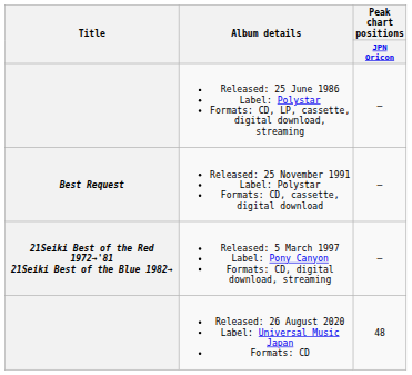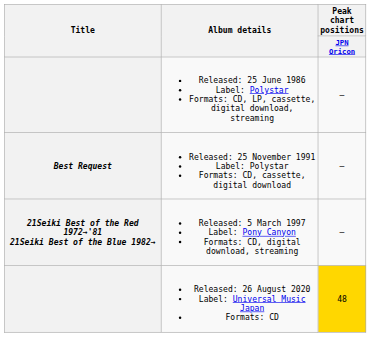 <table class="wikitable plainrowheaders" style="text-align:center;">
 <tr>
 <th scope="col" rowspan="2" style="width:19em;">Title</th>
 <th scope="col" rowspan="2" style="width:19em;">Album details</th>
 <th scope="col">Peak chart positions</th>
 </tr>
 <tr>
 <th scope="col" style="width:2.9em;font-size:90%;"><a href='#'>JPN<br>Oricon</a><br></th>
 </tr>
 <tr>
 <th scope="row"></th>
 <td><br><ul><li>Released: 25 June 1986</li><li>Label: <a href='#'>Polystar</a></li><li>Formats: CD, LP, cassette, digital download, streaming</li></ul></td>
 <td>—</td>
 </tr>
 <tr>
 <th scope="row"><em>Best Request</em></th>
 <td><br><ul><li>Released: 25 November 1991</li><li>Label: Polystar</li><li>Formats: CD, cassette, digital download</li></ul></td>
 <td>—</td>
 </tr>
 <tr>
 <th scope="row"><em>21Seiki Best of the Red 1972→'81</em><br><em>21Seiki Best of the Blue 1982→</em></th>
 <td><br><ul><li>Released: 5 March 1997</li><li>Label: <a href='#'>Pony Canyon</a></li><li>Formats: CD, digital download, streaming</li></ul></td>
 <td>—</td>
 </tr>
 <tr>
 <th scope="row"></th>
 <td><br><ul><li>Released: 26 August 2020</li><li>Label: <a href='#'>Universal Music Japan</a></li><li>Formats: CD</li></ul></td>
-<td>48</td>
+<td style="background: gold;">48</td>
 </tr>
 </table>
